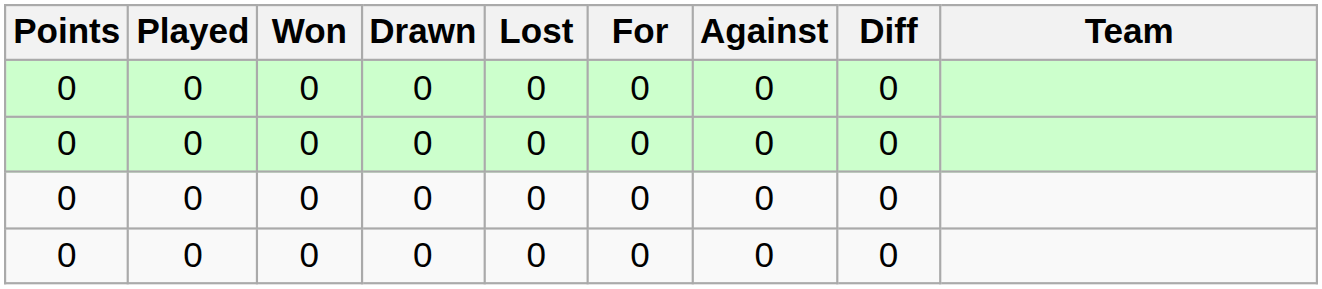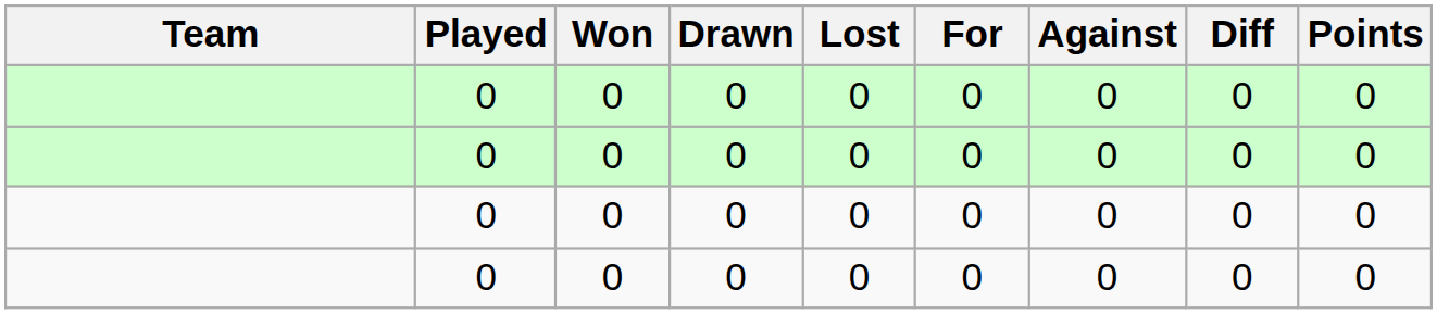 <table class="wikitable">
 <tr>
-<th width=40>Points</th>
+<th width=165>Team</th>
 <th width=40>Played</th>
 <th width=40>Won</th>
 <th width=40>Drawn</th>
 <th width=40>Lost</th>
 <th width=40>For</th>
 <th width=40>Against</th>
 <th width=40>Diff</th>
-<th width=165>Team</th>
+<th width=40>Points</th>
 </tr>
 <tr bgcolor=#ccffcc align=center>
+<td style="text-align:left;"></td>
 <td>0</td>
 <td>0</td>
 <td>0</td>
 <td>0</td>
 <td>0</td>
 <td>0</td>
 <td>0</td>
 <td>0</td>
-<td style="text-align:left;"></td>
 </tr>
 <tr bgcolor=#ccffcc align=center>
+<td style="text-align:left;"></td>
 <td>0</td>
 <td>0</td>
 <td>0</td>
 <td>0</td>
 <td>0</td>
 <td>0</td>
 <td>0</td>
 <td>0</td>
-<td style="text-align:left;"></td>
 </tr>
 <tr align=center>
+<td style="text-align:left;"></td>
 <td>0</td>
 <td>0</td>
 <td>0</td>
 <td>0</td>
 <td>0</td>
 <td>0</td>
 <td>0</td>
 <td>0</td>
-<td style="text-align:left;"></td>
 </tr>
 <tr align=center>
+<td style="text-align:left;"></td>
 <td>0</td>
 <td>0</td>
 <td>0</td>
 <td>0</td>
 <td>0</td>
 <td>0</td>
 <td>0</td>
 <td>0</td>
-<td style="text-align:left;"></td>
 </tr>
 </table>
